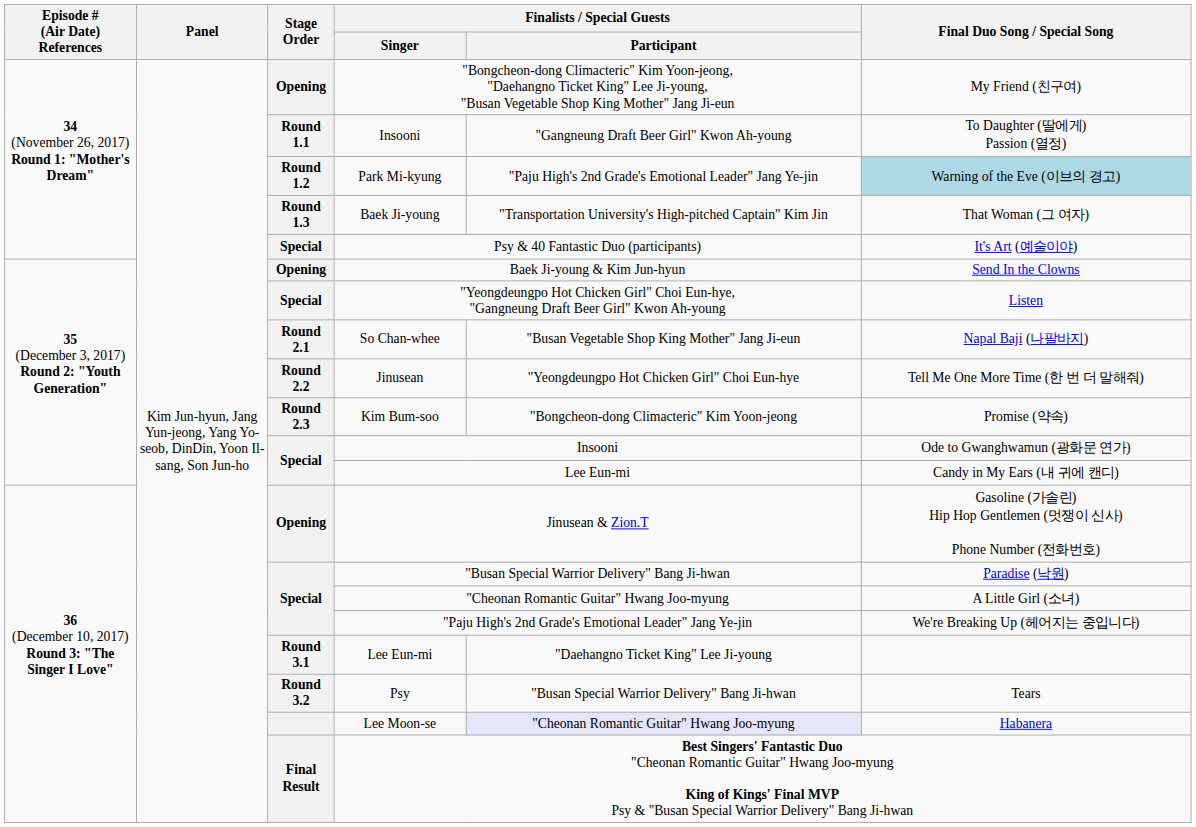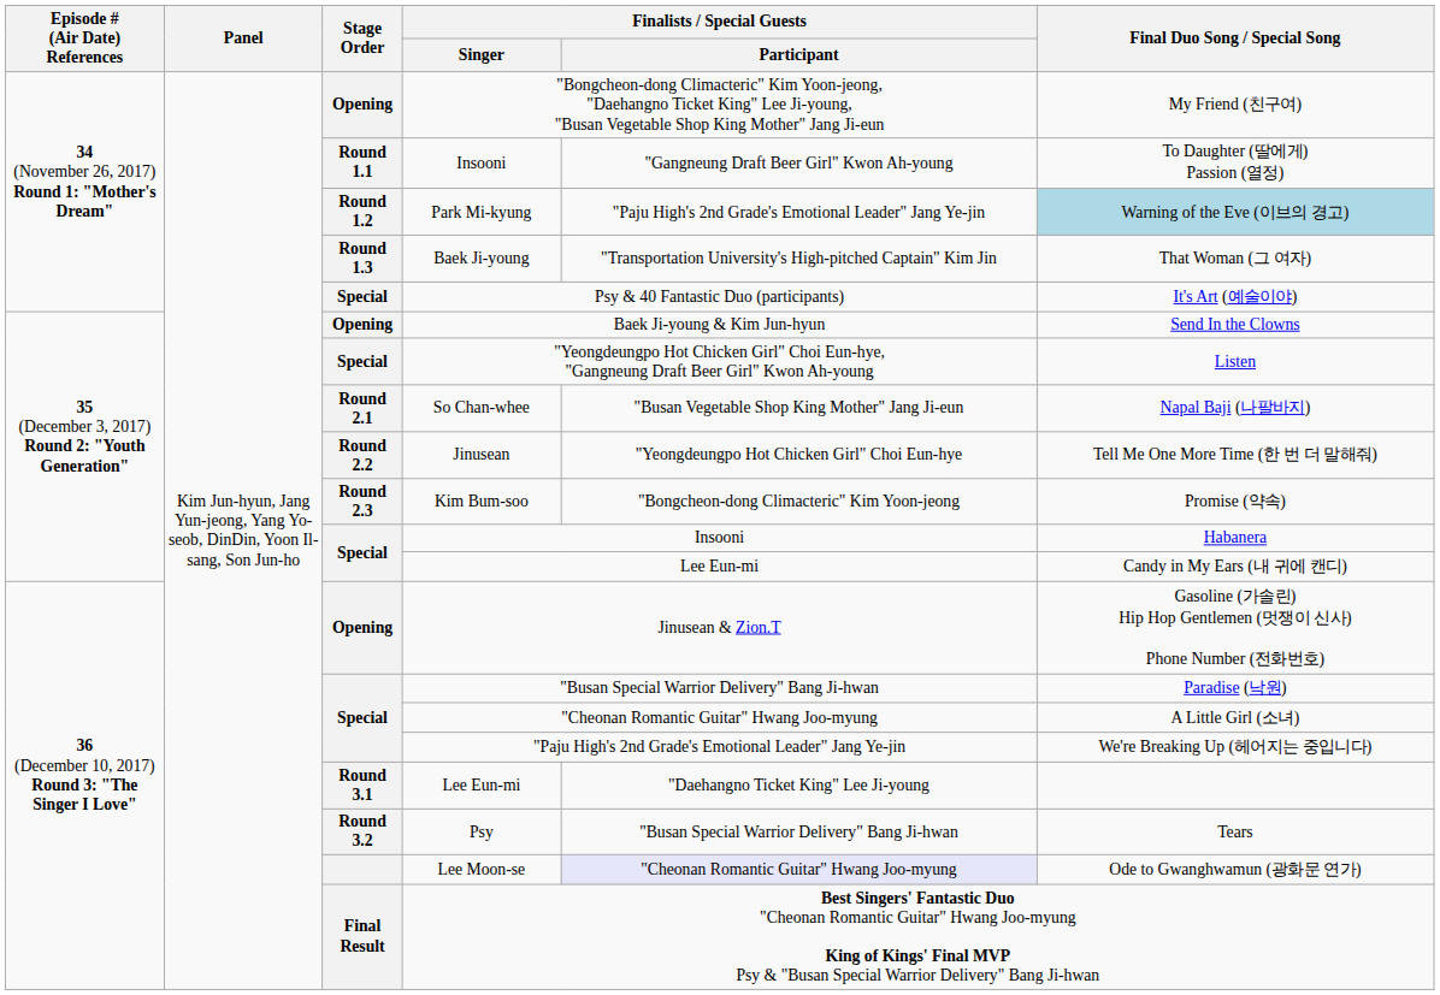 <table class="wikitable" style="text-align:center; font-size:90%;">
 <tr>
 <th width="10%" rowspan="2">Episode #<br>(Air Date)<br>References</th>
 <th width="10%" rowspan="2">Panel</th>
 <th width="5%" rowspan="2">Stage Order</th>
 <th width="40%" colspan="2">Finalists / Special Guests</th>
 <th width="25%" rowspan="2">Final Duo Song / Special Song</th>
 </tr>
 <tr>
 <th width="10%">Singer</th>
 <th width="30%">Participant</th>
 </tr>
 <tr>
 <td rowspan=5><strong>34</strong><br>(November 26, 2017)<br><strong>Round 1: "Mother's Dream"</strong><br><br></td>
 <td rowspan=20>Kim Jun-hyun, Jang Yun-jeong, Yang Yo-seob, DinDin, Yoon Il-sang, Son Jun-ho</td>
 <th>Opening</th>
 <td colspan=2>"Bongcheon-dong Climacteric" Kim Yoon-jeong,<br>"Daehangno Ticket King" Lee Ji-young,<br>"Busan Vegetable Shop King Mother" Jang Ji-eun</td>
 <td>My Friend (친구여)<br></td>
 </tr>
 <tr>
 <th>Round 1.1</th>
 <td>Insooni</td>
 <td>"Gangneung Draft Beer Girl" Kwon Ah-young</td>
 <td>To Daughter (딸에게)<br>Passion (열정) </td>
 </tr>
 <tr>
 <th>Round 1.2</th>
 <td>Park Mi-kyung</td>
 <td>"Paju High's 2nd Grade's Emotional Leader" Jang Ye-jin</td>
 <td style="background: lightblue;">Warning of the Eve (이브의 경고)</td>
 </tr>
 <tr>
 <th>Round 1.3</th>
 <td>Baek Ji-young</td>
 <td>"Transportation University's High-pitched Captain" Kim Jin</td>
 <td>That Woman (그 여자)</td>
 </tr>
 <tr>
 <th>Special</th>
 <td colspan=2>Psy & 40 Fantastic Duo (participants)</td>
 <td><a href='#'>It's Art</a> (<a href='#'>예술이야</a>)</td>
 </tr>
 <tr>
 <td rowspan=7><strong>35</strong><br>(December 3, 2017)<br><strong>Round 2: "Youth Generation"</strong><br><br></td>
 <th>Opening</th>
 <td colspan=2>Baek Ji-young & Kim Jun-hyun</td>
 <td><a href='#'>Send In the Clowns</a><br></td>
 </tr>
 <tr>
 <th>Special</th>
 <td colspan=2>"Yeongdeungpo Hot Chicken Girl" Choi Eun-hye,<br>"Gangneung Draft Beer Girl" Kwon Ah-young</td>
 <td><a href='#'>Listen</a><br></td>
 </tr>
 <tr>
 <th>Round 2.1</th>
 <td>So Chan-whee</td>
 <td>"Busan Vegetable Shop King Mother" Jang Ji-eun</td>
 <td><a href='#'>Napal Baji</a> (<a href='#'>나팔바지</a>)</td>
 </tr>
 <tr>
 <th>Round 2.2</th>
 <td>Jinusean</td>
 <td>"Yeongdeungpo Hot Chicken Girl" Choi Eun-hye</td>
 <td>Tell Me One More Time (한 번 더 말해줘)<br></td>
 </tr>
 <tr>
 <th>Round 2.3</th>
 <td>Kim Bum-soo</td>
 <td>"Bongcheon-dong Climacteric" Kim Yoon-jeong</td>
 <td>Promise (약속)</td>
 </tr>
 <tr>
 <th rowspan=2>Special</th>
 <td colspan=2>Insooni</td>
-<td>Ode to Gwanghwamun (광화문 연가)</td>
+<td><a href='#'>Habanera</a><br></td>
 </tr>
 <tr>
 <td colspan=2>Lee Eun-mi</td>
 <td>Candy in My Ears (내 귀에 캔디)</td>
 </tr>
 <tr>
 <td rowspan=8><strong>36</strong><br>(December 10, 2017)<br><strong>Round 3: "The Singer I Love"</strong><br><br></td>
 <th>Opening</th>
 <td colspan=2>Jinusean & <a href='#'>Zion.T</a></td>
 <td>Gasoline (가솔린)<br>Hip Hop Gentlemen (멋쟁이 신사)<br><br>Phone Number (전화번호)</td>
 </tr>
 <tr>
 <th rowspan=3>Special</th>
 <td colspan=2>"Busan Special Warrior Delivery" Bang Ji-hwan</td>
 <td><a href='#'>Paradise</a> (<a href='#'>낙원</a>)<br></td>
 </tr>
 <tr>
 <td colspan=2>"Cheonan Romantic Guitar" Hwang Joo-myung</td>
 <td>A Little Girl (소녀)<br></td>
 </tr>
 <tr>
 <td colspan=2>"Paju High's 2nd Grade's Emotional Leader" Jang Ye-jin</td>
 <td>We're Breaking Up (헤어지는 중입니다)<br></td>
 </tr>
 <tr>
 <th>Round 3.1</th>
 <td>Lee Eun-mi</td>
 <td>"Daehangno Ticket King" Lee Ji-young</td>
 <td></td>
 </tr>
 <tr>
 <th>Round 3.2</th>
 <td>Psy</td>
 <td>"Busan Special Warrior Delivery" Bang Ji-hwan</td>
 <td>Tears<br></td>
 </tr>
 <tr>
 <th></th>
 <td>Lee Moon-se</td>
 <td style="background: lavender;">"Cheonan Romantic Guitar" Hwang Joo-myung</td>
-<td><a href='#'>Habanera</a><br></td>
+<td>Ode to Gwanghwamun (광화문 연가)</td>
 </tr>
 <tr>
 <th>Final Result</th>
 <td colspan=4><strong> Best Singers' Fantastic Duo</strong><br>"Cheonan Romantic Guitar" Hwang Joo-myung<br><br><strong>King of Kings' Final MVP</strong><br>Psy & "Busan Special Warrior Delivery" Bang Ji-hwan</td>
 </tr>
 </table>
